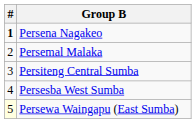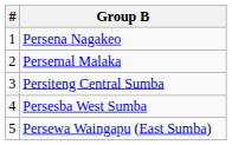 <table class="wikitable sortable" style="width: 250px;">
 <tr>
 <th>#</th>
 <th>Group B</th>
 </tr>
 <tr>
-<td><strong>1</strong></td>
+<td>1</td>
 <td><a href='#'>Persena Nagakeo</a></td>
 </tr>
 <tr>
 <td>2</td>
 <td><a href='#'>Persemal Malaka</a></td>
 </tr>
 <tr>
 <td>3</td>
 <td><a href='#'>Persiteng Central Sumba</a></td>
 </tr>
 <tr>
 <td>4</td>
 <td><a href='#'>Persesba West Sumba</a></td>
 </tr>
 <tr>
-<td style="background: lightyellow;">5</td>
+<td>5</td>
 <td><a href='#'>Persewa Waingapu</a> (<a href='#'>East Sumba</a>)</td>
 </tr>
 </table>
